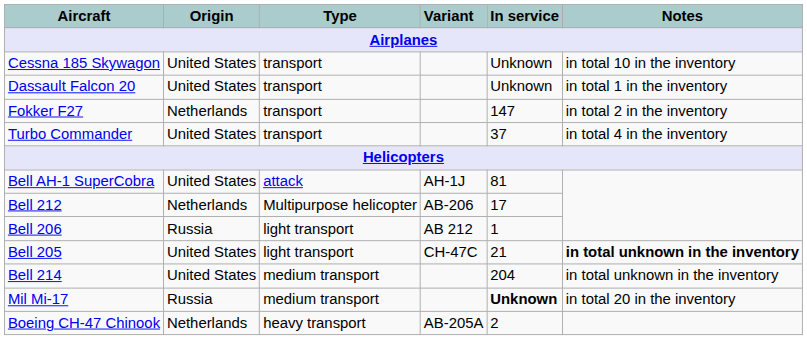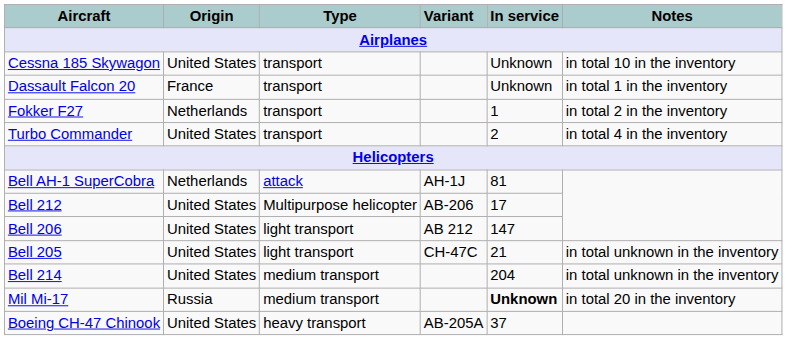 <table class="wikitable">
 <tr>
 <th style="text-align:center; background:#acc;">Aircraft</th>
 <th style="text-align: center; background:#acc;">Origin</th>
 <th style="text-align:l center; background:#acc;">Type</th>
 <th style="text-align:left; background:#acc;">Variant</th>
 <th style="text-align:center; background:#acc;">In service</th>
 <th style="text-align: center; background:#acc;">Notes</th>
 </tr>
 <tr>
 <th style="align: center; background: lavender;" colspan="7"><a href='#'>Airplanes</a></th>
 </tr>
 <tr>
 <td><a href='#'>Cessna 185 Skywagon</a></td>
 <td>United States</td>
 <td>transport</td>
 <td></td>
 <td>Unknown</td>
 <td>in total 10 in the inventory</td>
 </tr>
 <tr>
 <td><a href='#'>Dassault Falcon 20</a></td>
-<td>United States</td>
+<td>France</td>
 <td>transport</td>
 <td></td>
 <td>Unknown</td>
 <td>in total 1 in the inventory</td>
 </tr>
 <tr>
 <td><a href='#'>Fokker F27</a></td>
 <td>Netherlands</td>
 <td>transport</td>
 <td></td>
-<td>147</td>
+<td>1</td>
 <td>in total 2 in the inventory</td>
 </tr>
 <tr>
 <td><a href='#'>Turbo Commander</a></td>
 <td>United States</td>
 <td>transport</td>
 <td></td>
-<td>37</td>
+<td>2</td>
 <td>in total 4 in the inventory</td>
 </tr>
 <tr>
 <th style="align: center; background: lavender;" colspan="7"><a href='#'>Helicopters</a></th>
 </tr>
 <tr>
 <td><a href='#'>Bell AH-1 SuperCobra</a></td>
-<td>United States</td>
+<td>Netherlands</td>
 <td><a href='#'>attack</a></td>
 <td>AH-1J</td>
 <td>81</td>
 </tr>
 <tr>
 <td><a href='#'>Bell 212</a></td>
-<td>Netherlands</td>
+<td>United States</td>
 <td>Multipurpose helicopter</td>
 <td>AB-206</td>
 <td>17</td>
 </tr>
 <tr>
 <td><a href='#'>Bell 206</a></td>
-<td>Russia</td>
+<td>United States</td>
 <td>light transport</td>
 <td>AB 212</td>
-<td>1</td>
+<td>147</td>
 </tr>
 <tr>
 <td><a href='#'>Bell 205</a></td>
 <td>United States</td>
 <td>light transport</td>
 <td>CH-47C</td>
 <td>21</td>
-<td><strong>in total unknown in the inventory</strong></td>
+<td>in total unknown in the inventory</td>
 </tr>
 <tr>
 <td><a href='#'>Bell 214</a></td>
 <td>United States</td>
 <td>medium transport</td>
 <td></td>
 <td>204</td>
 <td>in total unknown in the inventory</td>
 </tr>
 <tr>
 <td><a href='#'>Mil Mi-17</a></td>
 <td>Russia</td>
 <td>medium transport</td>
 <td></td>
 <td><strong>Unknown</strong></td>
 <td>in total 20 in the inventory</td>
 </tr>
 <tr>
 <td><a href='#'>Boeing CH-47 Chinook</a></td>
-<td>Netherlands</td>
+<td>United States</td>
 <td>heavy transport</td>
 <td>AB-205A</td>
-<td>2</td>
+<td>37</td>
 <td></td>
 </tr>
 </table>
